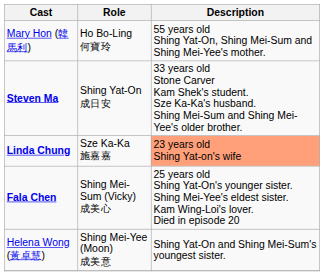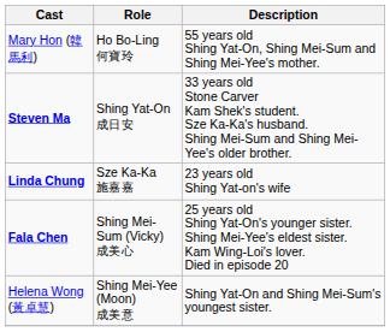 <table class="wikitable" width="55%">
 <tr>
 <th>Cast</th>
 <th>Role</th>
 <th>Description</th>
 </tr>
 <tr>
 <td><a href='#'>Mary Hon</a> (<a href='#'>韓馬利</a>)</td>
 <td>Ho Bo-Ling <br> 何寶玲</td>
 <td>55 years old<br>Shing Yat-On, Shing Mei-Sum and Shing Mei-Yee's mother.</td>
 </tr>
 <tr>
 <td><strong><a href='#'>Steven Ma</a></strong></td>
 <td>Shing Yat-On <br> 成日安</td>
 <td>33 years old<br>Stone Carver <br> Kam Shek's student. <br> Sze Ka-Ka's husband. <br> Shing Mei-Sum and Shing Mei-Yee's older brother.</td>
 </tr>
 <tr>
 <td><strong><a href='#'>Linda Chung</a></strong></td>
 <td>Sze Ka-Ka <br> 施嘉嘉</td>
-<td style="background: lightsalmon;">23 years old<br>Shing Yat-on's wife</td>
+<td>23 years old<br>Shing Yat-on's wife</td>
 </tr>
 <tr>
 <td><strong><a href='#'>Fala Chen</a></strong></td>
 <td>Shing Mei-Sum (Vicky) <br> 成美心</td>
 <td>25 years old<br>Shing Yat-On's younger sister.<br>Shing Mei-Yee's eldest sister.  <br> Kam Wing-Loi's lover.<br>Died in episode 20</td>
 </tr>
 <tr>
 <td><a href='#'>Helena Wong</a> (<a href='#'>黃卓慧</a>)</td>
 <td>Shing Mei-Yee (Moon) <br> 成美意</td>
 <td>Shing Yat-On and Shing Mei-Sum's youngest sister.</td>
 </tr>
 <tr>
 </tr>
 </table>
